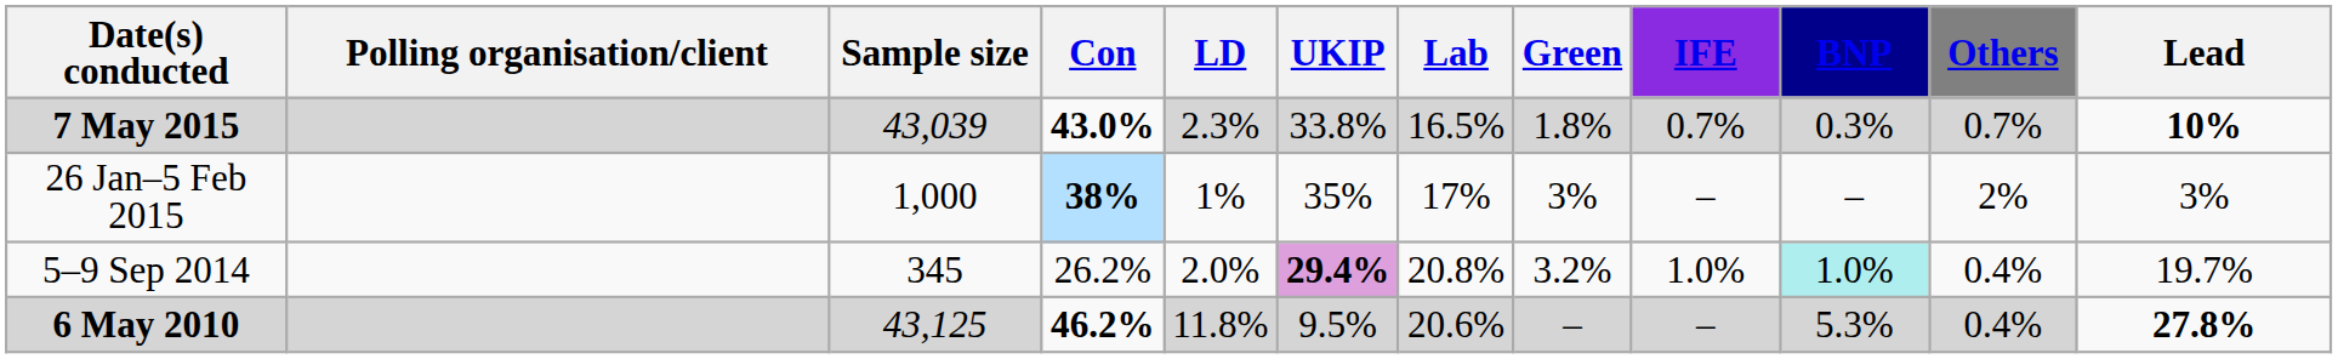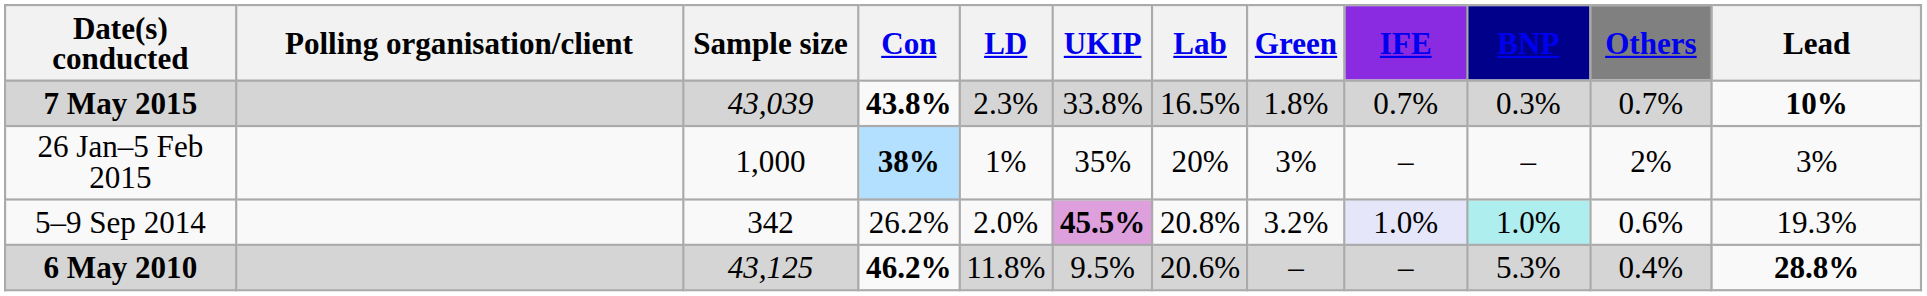 <table class="wikitable sortable" style="text-align:center;font-size:90%;line-height:14px">
 <tr>
 <th ! style="width:100px;">Date(s)<br>conducted</th>
 <th style="width:200px;">Polling organisation/client</th>
 <th class="unsortable" style="width:75px;">Sample size</th>
 <th class="unsortable" style="background:"><a href='#'><span>Con</span></a></th>
 <th class="unsortable" style="background:"><a href='#'><span>LD</span></a></th>
 <th class="unsortable" style="background:"><a href='#'><span>UKIP</span></a></th>
 <th class="unsortable" style="background:"><a href='#'><span>Lab</span></a></th>
 <th class="unsortable" style="background:"><a href='#'><span>Green</span></a></th>
 <th class="unsortable" style="background: #8A2BE2; width:50px;"><a href='#'><span>IFE</span></a></th>
 <th class="unsortable" style="background:#00008B; text-color:white; width:50px;"><a href='#'><span>BNP</span></a></th>
 <th class="unsortable" style="background:gray; width:50px;"><a href='#'><span>Others</span></a></th>
 <th class="unsortable" style="width:90px;">Lead</th>
 </tr>
 <tr>
 <td style="background:#D5D5D5"><strong>7 May 2015</strong></td>
 <td style="background:#D5D5D5"></td>
 <td style="background:#D5D5D5"><em>43,039</em></td>
-<td style="background:"><strong>43.0%</strong></td>
+<td style="background:"><strong>43.8%</strong></td>
 <td style="background:#D5D5D5">2.3%</td>
 <td style="background:#D5D5D5">33.8%</td>
 <td style="background:#D5D5D5">16.5%</td>
 <td style="background:#D5D5D5">1.8%</td>
 <td style="background:#D5D5D5">0.7%</td>
 <td style="background:#D5D5D5">0.3%</td>
 <td style="background:#D5D5D5">0.7%</td>
 <td style="background:"><strong>10% </strong></td>
 </tr>
 <tr>
 <td>26 Jan–5 Feb 2015</td>
 <td> </td>
 <td>1,000</td>
 <td style="background:#B3E0FF"><strong>38%</strong></td>
 <td>1%</td>
 <td>35%</td>
-<td>17%</td>
+<td>20%</td>
 <td>3%</td>
 <td>–</td>
 <td>–</td>
 <td>2%</td>
 <td style="background:">3%</td>
 </tr>
 <tr>
 <td>5–9 Sep 2014</td>
 <td></td>
-<td>345</td>
+<td>342</td>
 <td>26.2%</td>
 <td>2.0%</td>
-<td style="background:plum;"><strong>29.4%</strong></td>
+<td style="background:plum;"><strong>45.5%</strong></td>
 <td>20.8%</td>
 <td>3.2%</td>
-<td>1.0%</td>
+<td style="background: lavender;">1.0%</td>
 <td style="background: paleturquoise;">1.0%</td>
-<td>0.4%</td>
-<td style="background:">19.7%</td>
+<td>0.6%</td>
+<td style="background:">19.3%</td>
 </tr>
 <tr>
 <td style="background:#D5D5D5"><strong>6 May 2010</strong></td>
 <td style="background:#D5D5D5"></td>
 <td style="background:#D5D5D5"><em>43,125</em></td>
 <td style="background:"><strong>46.2%</strong></td>
 <td style="background:#D5D5D5">11.8%</td>
 <td style="background:#D5D5D5">9.5%</td>
 <td style="background:#D5D5D5">20.6%</td>
 <td style="background:#D5D5D5">–</td>
 <td style="background:#D5D5D5">–</td>
 <td style="background:#D5D5D5">5.3%</td>
 <td style="background:#D5D5D5">0.4%</td>
-<td style="background:"><strong>27.8% </strong></td>
+<td style="background:"><strong>28.8% </strong></td>
 </tr>
 </table>
